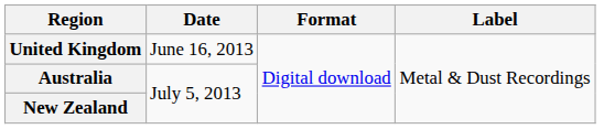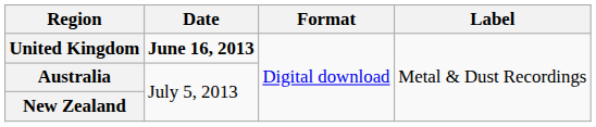 <table class="wikitable plainrowheaders">
 <tr>
 <th>Region</th>
 <th>Date</th>
 <th>Format</th>
 <th>Label</th>
 </tr>
 <tr>
 <th scope="row">United Kingdom</th>
-<td>June 16, 2013</td>
+<td><strong>June 16, 2013</strong></td>
 <td rowspan="3"><a href='#'>Digital download</a></td>
 <td rowspan="3">Metal & Dust Recordings</td>
 </tr>
 <tr>
 <th scope="row">Australia</th>
 <td rowspan="2">July 5, 2013</td>
 </tr>
 <tr>
 <th scope="row">New Zealand</th>
 </tr>
 </table>
